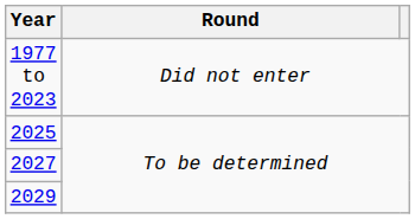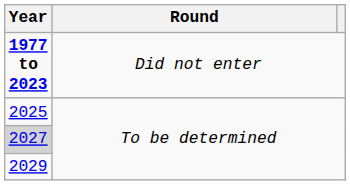 <table class="wikitable" style="text-align: center; font-size:90%">
 <tr>
 <th>Year</th>
 <th style="width:200px">Round</th>
 <th></th>
 </tr>
 <tr>
-<td><a href='#'>1977</a><br>to<br><a href='#'>2023</a></td>
+<td><strong><a href='#'>1977</a><br>to<br><a href='#'>2023</a></strong></td>
 <td colspan="2"><em>Did not enter</em></td>
 </tr>
 <tr>
 <td><a href='#'>2025</a></td>
 <td colspan="2" rowspan="3"><em>To be determined</em></td>
 </tr>
 <tr>
-<td><a href='#'>2027</a></td>
+<td style="background: lightgrey;"><a href='#'>2027</a></td>
 </tr>
 <tr>
 <td><a href='#'>2029</a></td>
 </tr>
 </table>
